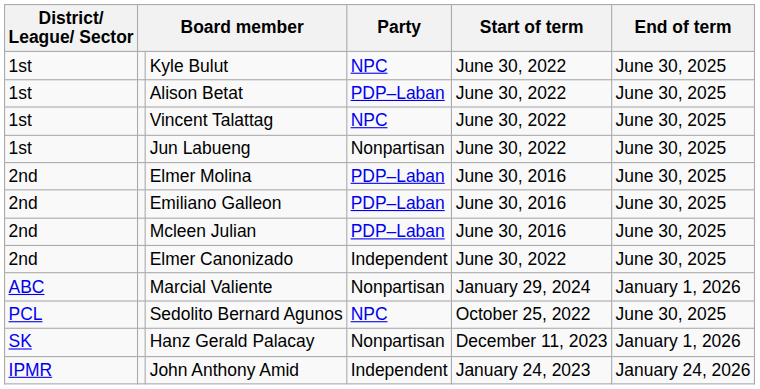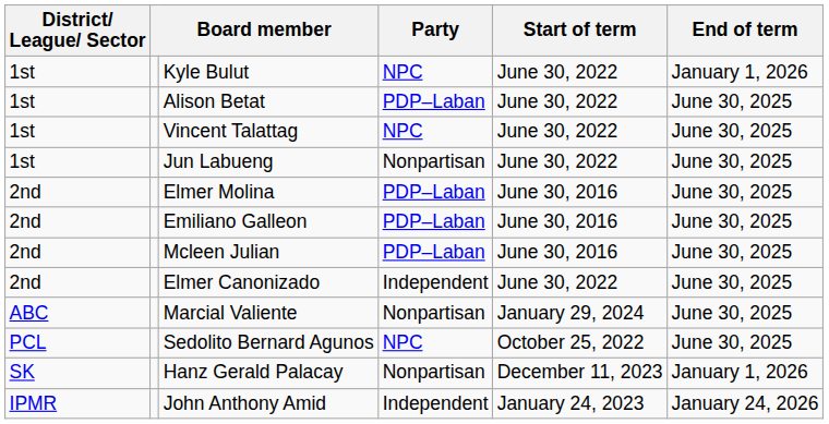 <table class="wikitable">
 <tr>
 <th>District/<br>League/ Sector</th>
 <th colspan="2">Board member</th>
 <th>Party</th>
 <th>Start of term</th>
 <th>End of term</th>
 </tr>
 <tr>
 <td>1st</td>
 <td></td>
 <td>Kyle Bulut</td>
 <td><a href='#'>NPC</a></td>
 <td>June 30, 2022</td>
-<td>June 30, 2025</td>
+<td>January 1, 2026</td>
 </tr>
 <tr>
 <td>1st</td>
 <td></td>
 <td>Alison Betat</td>
 <td><a href='#'>PDP–Laban</a></td>
 <td>June 30, 2022</td>
 <td>June 30, 2025</td>
 </tr>
 <tr>
 <td>1st</td>
 <td></td>
 <td>Vincent Talattag</td>
 <td><a href='#'>NPC</a></td>
 <td>June 30, 2022</td>
 <td>June 30, 2025</td>
 </tr>
 <tr>
 <td>1st</td>
 <td></td>
 <td>Jun Labueng</td>
 <td>Nonpartisan</td>
 <td>June 30, 2022</td>
 <td>June 30, 2025</td>
 </tr>
 <tr>
 <td>2nd</td>
 <td></td>
 <td>Elmer Molina</td>
 <td><a href='#'>PDP–Laban</a></td>
 <td>June 30, 2016</td>
 <td>June 30, 2025</td>
 </tr>
 <tr>
 <td>2nd</td>
 <td></td>
 <td>Emiliano Galleon</td>
 <td><a href='#'>PDP–Laban</a></td>
 <td>June 30, 2016</td>
 <td>June 30, 2025</td>
 </tr>
 <tr>
 <td>2nd</td>
 <td></td>
 <td>Mcleen Julian</td>
 <td><a href='#'>PDP–Laban</a></td>
 <td>June 30, 2016</td>
 <td>June 30, 2025</td>
 </tr>
 <tr>
 <td>2nd</td>
 <td></td>
 <td>Elmer Canonizado</td>
 <td>Independent</td>
 <td>June 30, 2022</td>
 <td>June 30, 2025</td>
 </tr>
 <tr>
 <td><a href='#'>ABC</a></td>
 <td></td>
 <td>Marcial Valiente</td>
 <td>Nonpartisan</td>
 <td>January 29, 2024</td>
-<td>January 1, 2026</td>
+<td>June 30, 2025</td>
 </tr>
 <tr>
 <td><a href='#'>PCL</a></td>
 <td></td>
 <td>Sedolito Bernard Agunos</td>
 <td><a href='#'>NPC</a></td>
 <td>October 25, 2022</td>
 <td>June 30, 2025</td>
 </tr>
 <tr>
 <td><a href='#'>SK</a></td>
 <td></td>
 <td>Hanz Gerald Palacay</td>
 <td>Nonpartisan</td>
 <td>December 11, 2023</td>
 <td>January 1, 2026</td>
 </tr>
 <tr>
 <td><a href='#'>IPMR</a></td>
 <td></td>
 <td>John Anthony Amid</td>
 <td>Independent</td>
 <td>January 24, 2023</td>
 <td>January 24, 2026</td>
 </tr>
 </table>
